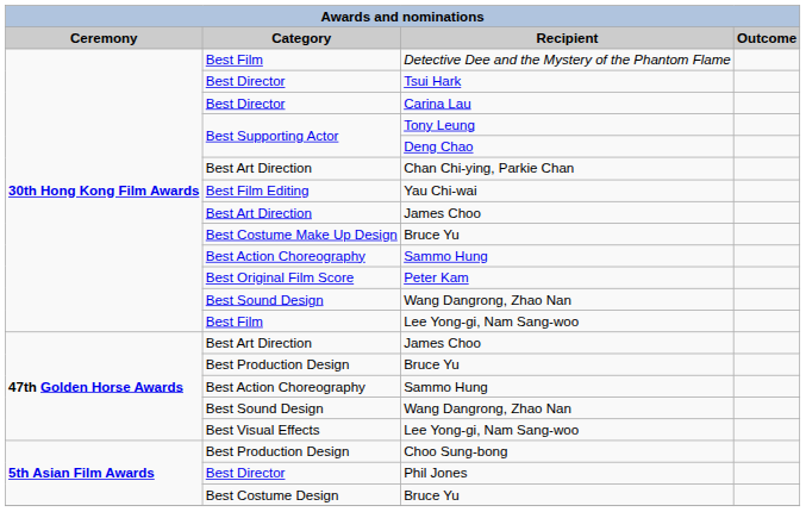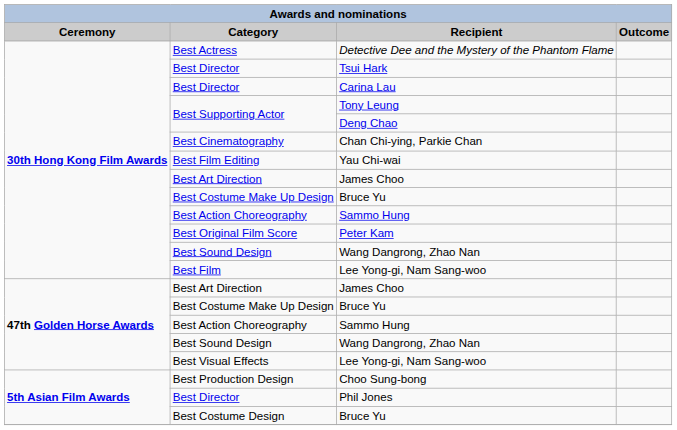 <table class="wikitable" style="font-size:95%">
 <tr style="background:#ccc; text-align:center;">
 <th colspan="4" style="background: LightSteelBlue;">Awards and nominations</th>
 </tr>
 <tr style="background:#ccc; text-align:center;">
 <th style="background:#ccc">Ceremony</th>
 <th style="background:#ccc">Category</th>
 <th style="background:#ccc">Recipient</th>
 <th style="background:#ccc">Outcome</th>
 </tr>
 <tr>
 <td rowspan=13><strong><a href='#'>30th Hong Kong Film Awards</a></strong></td>
-<td><a href='#'>Best Film</a></td>
+<td><a href='#'>Best Actress</a></td>
 <td><em>Detective Dee and the Mystery of the Phantom Flame</em></td>
 <td></td>
 </tr>
 <tr>
 <td><a href='#'>Best Director</a></td>
 <td><a href='#'>Tsui Hark</a></td>
 <td></td>
 </tr>
 <tr>
 <td><a href='#'>Best Director</a></td>
 <td><a href='#'>Carina Lau</a></td>
 <td></td>
 </tr>
 <tr>
 <td rowspan=2><a href='#'>Best Supporting Actor</a></td>
 <td><a href='#'>Tony Leung</a></td>
 <td></td>
 </tr>
 <tr>
 <td><a href='#'>Deng Chao</a></td>
 <td></td>
 </tr>
 <tr>
-<td>Best Art Direction</td>
+<td><a href='#'>Best Cinematography</a></td>
 <td>Chan Chi-ying, Parkie Chan</td>
 <td></td>
 </tr>
 <tr>
 <td><a href='#'>Best Film Editing</a></td>
 <td>Yau Chi-wai</td>
 <td></td>
 </tr>
 <tr>
 <td><a href='#'>Best Art Direction</a></td>
 <td>James Choo</td>
 <td></td>
 </tr>
 <tr>
 <td><a href='#'>Best Costume Make Up Design</a></td>
 <td>Bruce Yu</td>
 <td></td>
 </tr>
 <tr>
 <td><a href='#'>Best Action Choreography</a></td>
 <td><a href='#'>Sammo Hung</a></td>
 <td></td>
 </tr>
 <tr>
 <td><a href='#'>Best Original Film Score</a></td>
 <td><a href='#'>Peter Kam</a></td>
 <td></td>
 </tr>
 <tr>
 <td><a href='#'>Best Sound Design</a></td>
 <td>Wang Dangrong, Zhao Nan</td>
 <td></td>
 </tr>
 <tr>
 <td><a href='#'>Best Film</a></td>
 <td>Lee Yong-gi, Nam Sang-woo</td>
 <td></td>
 </tr>
 <tr>
 <td rowspan=5><strong>47th <a href='#'>Golden Horse Awards</a></strong></td>
 <td>Best Art Direction</td>
 <td>James Choo</td>
 <td></td>
 </tr>
 <tr>
-<td>Best Production Design</td>
+<td>Best Costume Make Up Design</td>
 <td>Bruce Yu</td>
 <td></td>
 </tr>
 <tr>
 <td>Best Action Choreography</td>
 <td>Sammo Hung</td>
 <td></td>
 </tr>
 <tr>
 <td>Best Sound Design</td>
 <td>Wang Dangrong, Zhao Nan</td>
 <td></td>
 </tr>
 <tr>
 <td>Best Visual Effects</td>
 <td>Lee Yong-gi, Nam Sang-woo</td>
 <td></td>
 </tr>
 <tr>
 <td rowspan=3><strong><a href='#'>5th Asian Film Awards</a></strong></td>
 <td>Best Production Design</td>
 <td>Choo Sung-bong</td>
 <td></td>
 </tr>
 <tr>
 <td><a href='#'>Best Director</a></td>
 <td>Phil Jones</td>
 <td></td>
 </tr>
 <tr>
 <td>Best Costume Design</td>
 <td>Bruce Yu</td>
 <td></td>
 </tr>
 <tr>
 </tr>
 </table>
